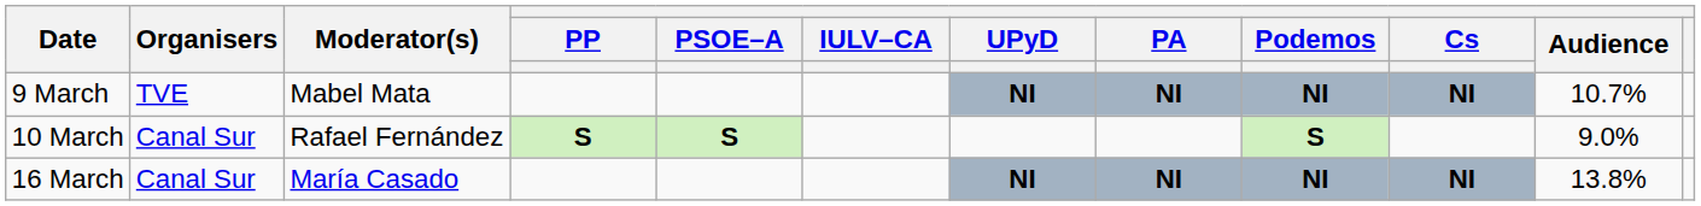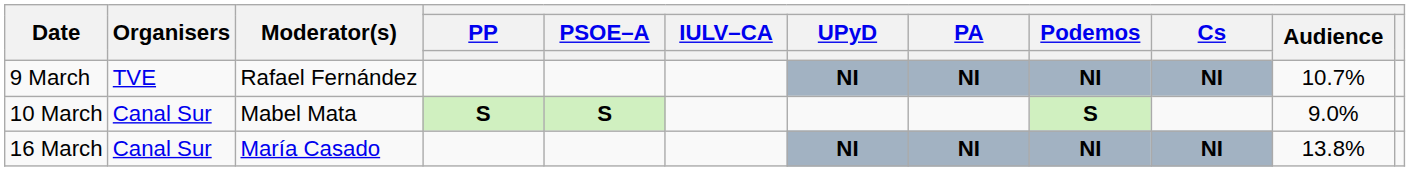 <table class="wikitable" style="text-align:center;">
 <tr>
 <th rowspan="3">Date</th>
 <th rowspan="3">Organisers</th>
 <th rowspan="3">Moderator(s)</th>
 <th colspan="10">      </th>
 </tr>
 <tr>
 <th scope="col" style="width:5em;"><a href='#'>PP</a></th>
 <th scope="col" style="width:5em;"><a href='#'>PSOE–A</a></th>
 <th scope="col" style="width:5em;"><a href='#'>IULV–CA</a></th>
 <th scope="col" style="width:5em;"><a href='#'>UPyD</a></th>
 <th scope="col" style="width:5em;"><a href='#'>PA</a></th>
 <th scope="col" style="width:5em;"><a href='#'>Podemos</a></th>
 <th scope="col" style="width:5em;"><a href='#'>Cs</a></th>
 <th rowspan="2" scope="col" style="width:5em;">Audience</th>
 <th rowspan="2"></th>
 </tr>
 <tr>
 <th style="color:inherit;background:"></th>
 <th style="color:inherit;background:"></th>
 <th style="color:inherit;background:"></th>
 <th style="color:inherit;background:"></th>
 <th style="color:inherit;background:"></th>
 <th style="color:inherit;background:"></th>
 <th style="color:inherit;background:"></th>
 </tr>
 <tr>
 <td style="white-space:nowrap; text-align:left;">9 March</td>
 <td style="white-space:nowrap; text-align:left;"><a href='#'>TVE</a></td>
-<td style="white-space:nowrap; text-align:left;">Mabel Mata</td>
+<td style="white-space:nowrap; text-align:left;">Rafael Fernández</td>
 <td></td>
 <td></td>
 <td></td>
 <td style="background:#A2B2C2;"><strong>NI</strong></td>
 <td style="background:#A2B2C2;"><strong>NI</strong></td>
 <td style="background:#A2B2C2;"><strong>NI</strong></td>
 <td style="background:#A2B2C2;"><strong>NI</strong></td>
 <td>10.7%<br></td>
 <td><br></td>
 </tr>
 <tr>
 <td style="white-space:nowrap; text-align:left;">10 March</td>
 <td style="white-space:nowrap; text-align:left;"><a href='#'>Canal Sur</a></td>
-<td style="white-space:nowrap; text-align:left;">Rafael Fernández</td>
+<td style="white-space:nowrap; text-align:left;">Mabel Mata</td>
 <td style="background:#D0F0C0;"><strong>S</strong><br></td>
 <td style="background:#D0F0C0;"><strong>S</strong><br></td>
 <td></td>
 <td></td>
 <td></td>
 <td style="background:#D0F0C0;"><strong>S</strong><br></td>
 <td></td>
 <td>9.0%<br></td>
 <td><br></td>
 </tr>
 <tr>
 <td style="white-space:nowrap; text-align:left;">16 March</td>
 <td style="white-space:nowrap; text-align:left;"><a href='#'>Canal Sur</a></td>
 <td style="white-space:nowrap; text-align:left;"><a href='#'>María Casado</a></td>
 <td></td>
 <td></td>
 <td></td>
 <td style="background:#A2B2C2;"><strong>NI</strong></td>
 <td style="background:#A2B2C2;"><strong>NI</strong></td>
 <td style="background:#A2B2C2;"><strong>NI</strong></td>
 <td style="background:#A2B2C2;"><strong>NI</strong></td>
 <td>13.8%<br></td>
 <td><br></td>
 </tr>
 </table>
